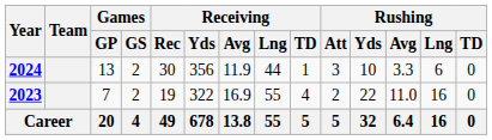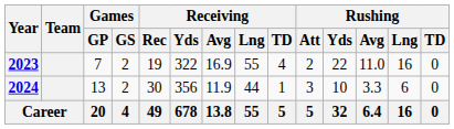 <table class="wikitable" style="text-align:center;">
 <tr>
 <th rowspan="2">Year</th>
 <th rowspan="2">Team</th>
 <th colspan="2">Games</th>
 <th colspan="5">Receiving</th>
 <th colspan="5">Rushing</th>
 </tr>
 <tr>
 <th>GP</th>
 <th>GS</th>
 <th>Rec</th>
 <th>Yds</th>
 <th>Avg</th>
 <th>Lng</th>
 <th>TD</th>
 <th>Att</th>
 <th>Yds</th>
 <th>Avg</th>
 <th>Lng</th>
 <th>TD</th>
 </tr>
 <tr>
+<th><a href='#'>2023</a></th>
+<th><a href='#'></a></th>
+<td>7</td>
+<td>2</td>
+<td>19</td>
+<td>322</td>
+<td>16.9</td>
+<td>55</td>
+<td>4</td>
+<td>2</td>
+<td>22</td>
+<td>11.0</td>
+<td>16</td>
+<td>0</td>
+</tr>
+<tr>
 <th><a href='#'>2024</a></th>
 <th><a href='#'></a></th>
 <td>13</td>
 <td>2</td>
 <td>30</td>
 <td>356</td>
 <td>11.9</td>
 <td>44</td>
 <td>1</td>
 <td>3</td>
 <td>10</td>
 <td>3.3</td>
 <td>6</td>
-<td>0</td>
-</tr>
-<tr>
-<th><a href='#'>2023</a></th>
-<th><a href='#'></a></th>
-<td>7</td>
-<td>2</td>
-<td>19</td>
-<td>322</td>
-<td>16.9</td>
-<td>55</td>
-<td>4</td>
-<td>2</td>
-<td>22</td>
-<td>11.0</td>
-<td>16</td>
 <td>0</td>
 </tr>
 <tr>
 <th align=center colspan="2">Career</th>
 <th>20</th>
 <th>4</th>
 <th>49</th>
 <th>678</th>
 <th>13.8</th>
 <th>55</th>
 <th>5</th>
 <th>5</th>
 <th>32</th>
 <th>6.4</th>
 <th>16</th>
 <th>0</th>
 </tr>
 </table>
